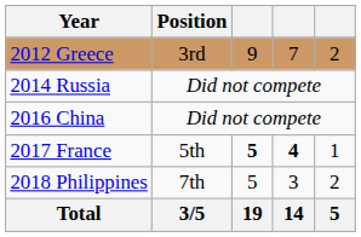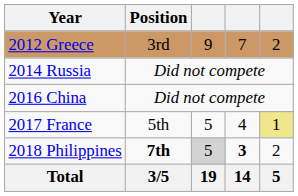 <table class="wikitable" style="text-align: center;">
 <tr>
 <th>Year</th>
 <th>Position</th>
 <th width=25px></th>
 <th width=25px></th>
 <th width=25px></th>
 </tr>
 <tr bgcolor="#cc9966">
 <td style="text-align: left;"> <a href='#'>2012 Greece</a></td>
 <td>3rd </td>
 <td>9</td>
 <td>7</td>
 <td>2</td>
 </tr>
 <tr>
 <td style="text-align: left;"> <a href='#'>2014 Russia</a></td>
 <td colspan=4 align=center><em>Did not compete</em></td>
 </tr>
 <tr>
 <td style="text-align: left;"> <a href='#'>2016 China</a></td>
 <td colspan=4 align=center><em>Did not compete</em></td>
 </tr>
 <tr>
 <td style="text-align: left;"> <a href='#'>2017 France</a></td>
 <td>5th</td>
-<td><strong>5</strong></td>
-<td><strong>4</strong></td>
-<td>1</td>
+<td>5</td>
+<td>4</td>
+<td style="background: khaki;">1</td>
 </tr>
 <tr>
 <td style="text-align: left;"> <a href='#'>2018 Philippines</a></td>
-<td>7th</td>
-<td>5</td>
-<td>3</td>
+<td><strong>7th</strong></td>
+<td style="background: lightgrey;">5</td>
+<td><strong>3</strong></td>
 <td>2</td>
 </tr>
 <tr>
 <th><strong>Total</strong></th>
 <th>3/5</th>
 <th>19</th>
 <th>14</th>
 <th>5</th>
 </tr>
 </table>
